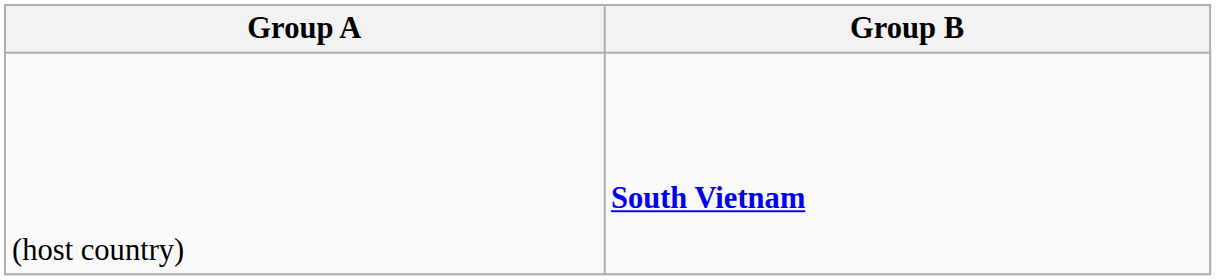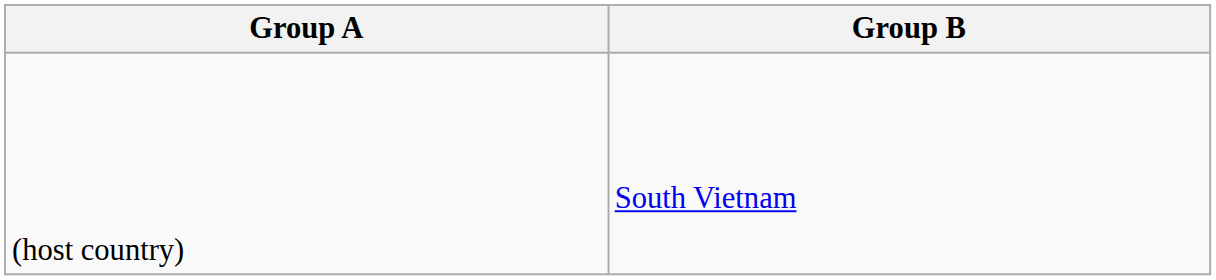 <table class="wikitable" width=50%>
 <tr>
 <th width=5%>Group A</th>
 <th width=5%>Group B</th>
 </tr>
 <tr>
 <td><br> <br>  <br>  <br>   <br>  (host country) <br></td>
-<td><strong><br>  <br>  <br>  <a href='#'>South Vietnam</a> <br>  <br></strong></td>
+<td><br>  <br>  <br>  <a href='#'>South Vietnam</a> <br>  <br></td>
 </tr>
 </table>
